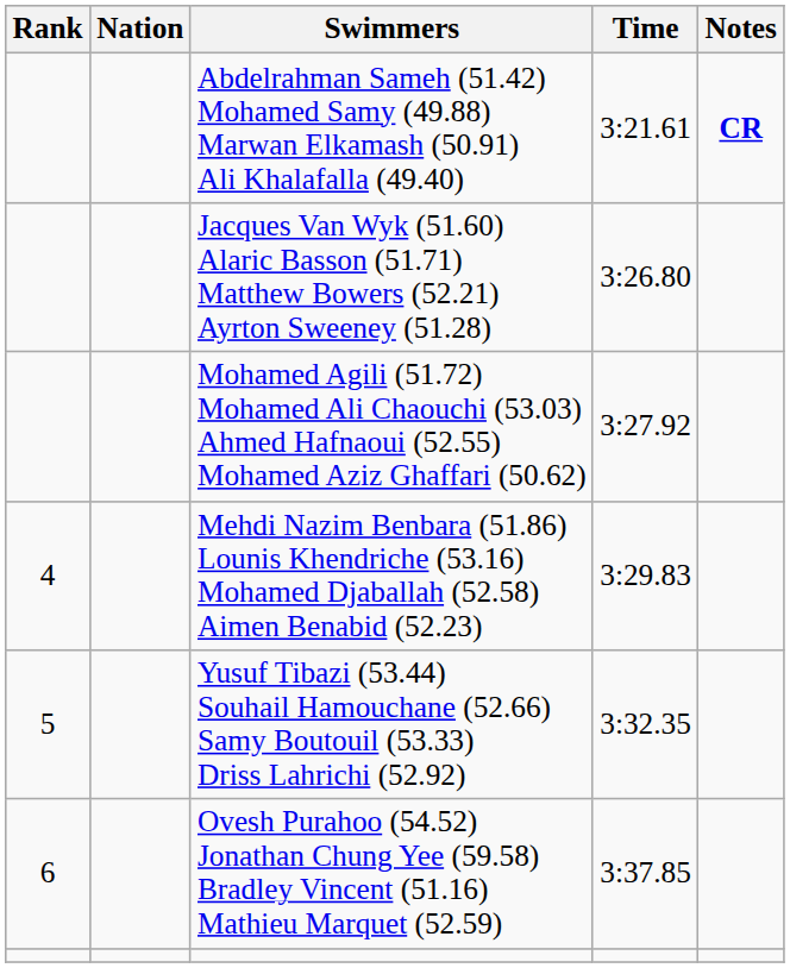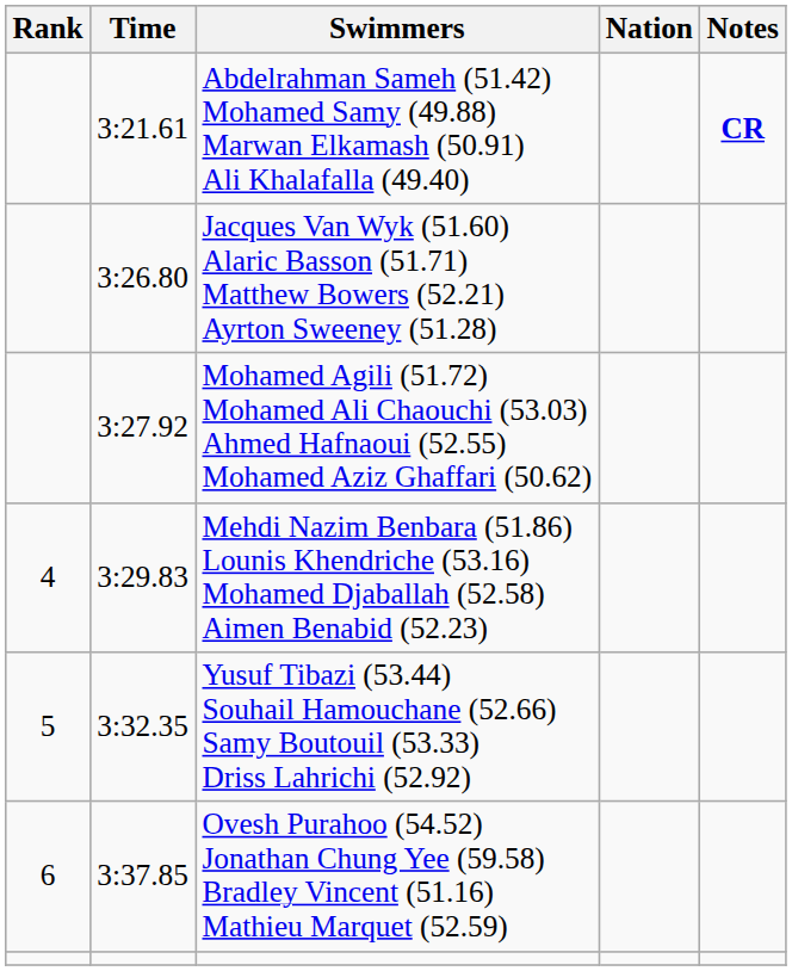 <table class="wikitable sortable" style="text-align:center">
 <tr>
 <th>Rank</th>
+<th>Time</th>
+<th>Swimmers</th>
 <th>Nation</th>
-<th>Swimmers</th>
-<th>Time</th>
 <th>Notes</th>
 </tr>
 <tr>
 <td></td>
+<td>3:21.61</td>
+<td align=left><a href='#'>Abdelrahman Sameh</a> (51.42)<br><a href='#'>Mohamed Samy</a> (49.88)<br><a href='#'>Marwan Elkamash</a> (50.91)<br><a href='#'>Ali Khalafalla</a> (49.40)</td>
 <td align=left></td>
-<td align=left><a href='#'>Abdelrahman Sameh</a> (51.42)<br><a href='#'>Mohamed Samy</a> (49.88)<br><a href='#'>Marwan Elkamash</a> (50.91)<br><a href='#'>Ali Khalafalla</a> (49.40)</td>
-<td>3:21.61</td>
 <td><strong><a href='#'>CR</a></strong></td>
 </tr>
 <tr>
 <td></td>
+<td>3:26.80</td>
+<td align=left><a href='#'>Jacques Van Wyk</a> (51.60)<br><a href='#'>Alaric Basson</a> (51.71)<br><a href='#'>Matthew Bowers</a> (52.21)<br><a href='#'>Ayrton Sweeney</a> (51.28)</td>
 <td align=left></td>
-<td align=left><a href='#'>Jacques Van Wyk</a> (51.60)<br><a href='#'>Alaric Basson</a> (51.71)<br><a href='#'>Matthew Bowers</a> (52.21)<br><a href='#'>Ayrton Sweeney</a> (51.28)</td>
-<td>3:26.80</td>
 <td></td>
 </tr>
 <tr>
 <td></td>
+<td>3:27.92</td>
+<td align=left><a href='#'>Mohamed Agili</a> (51.72)<br><a href='#'>Mohamed Ali Chaouchi</a> (53.03)<br><a href='#'>Ahmed Hafnaoui</a> (52.55)<br><a href='#'>Mohamed Aziz Ghaffari</a> (50.62)</td>
 <td align="left"></td>
-<td align=left><a href='#'>Mohamed Agili</a> (51.72)<br><a href='#'>Mohamed Ali Chaouchi</a> (53.03)<br><a href='#'>Ahmed Hafnaoui</a> (52.55)<br><a href='#'>Mohamed Aziz Ghaffari</a> (50.62)</td>
-<td>3:27.92</td>
 <td></td>
 </tr>
 <tr>
 <td>4</td>
+<td>3:29.83</td>
+<td align=left><a href='#'>Mehdi Nazim Benbara</a> (51.86)<br><a href='#'>Lounis Khendriche</a> (53.16)<br><a href='#'>Mohamed Djaballah</a> (52.58)<br><a href='#'>Aimen Benabid</a> (52.23)</td>
 <td align="left"></td>
-<td align=left><a href='#'>Mehdi Nazim Benbara</a> (51.86)<br><a href='#'>Lounis Khendriche</a> (53.16)<br><a href='#'>Mohamed Djaballah</a> (52.58)<br><a href='#'>Aimen Benabid</a> (52.23)</td>
-<td>3:29.83</td>
 <td></td>
 </tr>
 <tr>
 <td>5</td>
+<td>3:32.35</td>
+<td align=left><a href='#'>Yusuf Tibazi</a> (53.44)<br><a href='#'>Souhail Hamouchane</a> (52.66)<br><a href='#'>Samy Boutouil</a> (53.33)<br><a href='#'>Driss Lahrichi</a> (52.92)</td>
 <td align=left></td>
-<td align=left><a href='#'>Yusuf Tibazi</a> (53.44)<br><a href='#'>Souhail Hamouchane</a> (52.66)<br><a href='#'>Samy Boutouil</a> (53.33)<br><a href='#'>Driss Lahrichi</a> (52.92)</td>
-<td>3:32.35</td>
 <td></td>
 </tr>
 <tr>
 <td>6</td>
+<td>3:37.85</td>
+<td align=left><a href='#'>Ovesh Purahoo</a> (54.52)<br><a href='#'>Jonathan Chung Yee</a> (59.58)<br><a href='#'>Bradley Vincent</a> (51.16)<br><a href='#'>Mathieu Marquet</a> (52.59)</td>
 <td align=left></td>
-<td align=left><a href='#'>Ovesh Purahoo</a> (54.52)<br><a href='#'>Jonathan Chung Yee</a> (59.58)<br><a href='#'>Bradley Vincent</a> (51.16)<br><a href='#'>Mathieu Marquet</a> (52.59)</td>
-<td>3:37.85</td>
 <td></td>
 </tr>
 <tr>
 <td></td>
-<td align=left></td>
 <td></td>
 <td></td>
+<td align=left></td>
 <td></td>
 </tr>
 </table>
